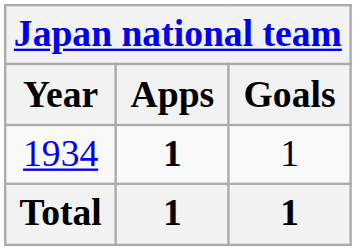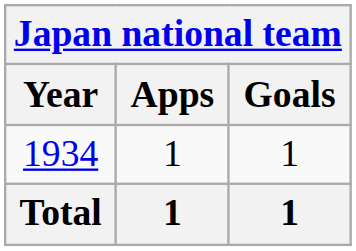 <table class="wikitable" style="text-align:center">
 <tr>
 <th colspan=3><a href='#'>Japan national team</a></th>
 </tr>
 <tr>
 <th>Year</th>
 <th>Apps</th>
 <th>Goals</th>
 </tr>
 <tr>
 <td><a href='#'>1934</a></td>
-<td><strong>1</strong></td>
+<td>1</td>
 <td>1</td>
 </tr>
 <tr>
 <th>Total</th>
 <th>1</th>
 <th>1</th>
 </tr>
 </table>
